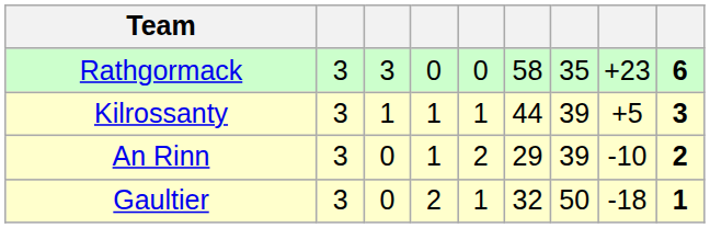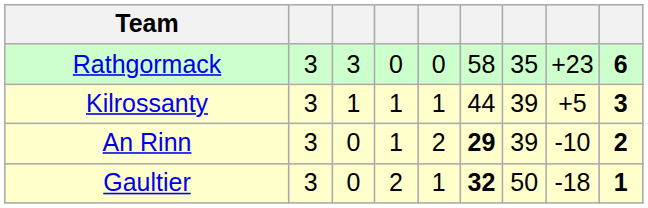 <table class="wikitable" style="text-align:center">
 <tr>
 <th style="width:175px;">Team</th>
 <th width="20"></th>
 <th width="20"></th>
 <th width="20"></th>
 <th width="20"></th>
 <th width="20"></th>
 <th width="20"></th>
 <th width="20"></th>
 <th width="20"></th>
 </tr>
 <tr style="background:#cfc;">
 <td><a href='#'>Rathgormack</a></td>
 <td>3</td>
 <td>3</td>
 <td>0</td>
 <td>0</td>
 <td>58</td>
 <td>35</td>
 <td>+23</td>
 <td><strong>6</strong></td>
 </tr>
 <tr style="background:#ffffcc;">
 <td><a href='#'>Kilrossanty</a></td>
 <td>3</td>
 <td>1</td>
 <td>1</td>
 <td>1</td>
 <td>44</td>
 <td>39</td>
 <td>+5</td>
 <td><strong>3</strong></td>
 </tr>
 <tr style="background:#ffffcc;">
 <td><a href='#'>An Rinn</a></td>
 <td>3</td>
 <td>0</td>
 <td>1</td>
 <td>2</td>
-<td>29</td>
+<td><strong>29</strong></td>
 <td>39</td>
 <td>-10</td>
 <td><strong>2</strong></td>
 </tr>
 <tr style="background:#ffffcc;">
 <td><a href='#'>Gaultier</a></td>
 <td>3</td>
 <td>0</td>
 <td>2</td>
 <td>1</td>
-<td>32</td>
+<td><strong>32</strong></td>
 <td>50</td>
 <td>-18</td>
 <td><strong>1</strong></td>
 </tr>
 </table>
